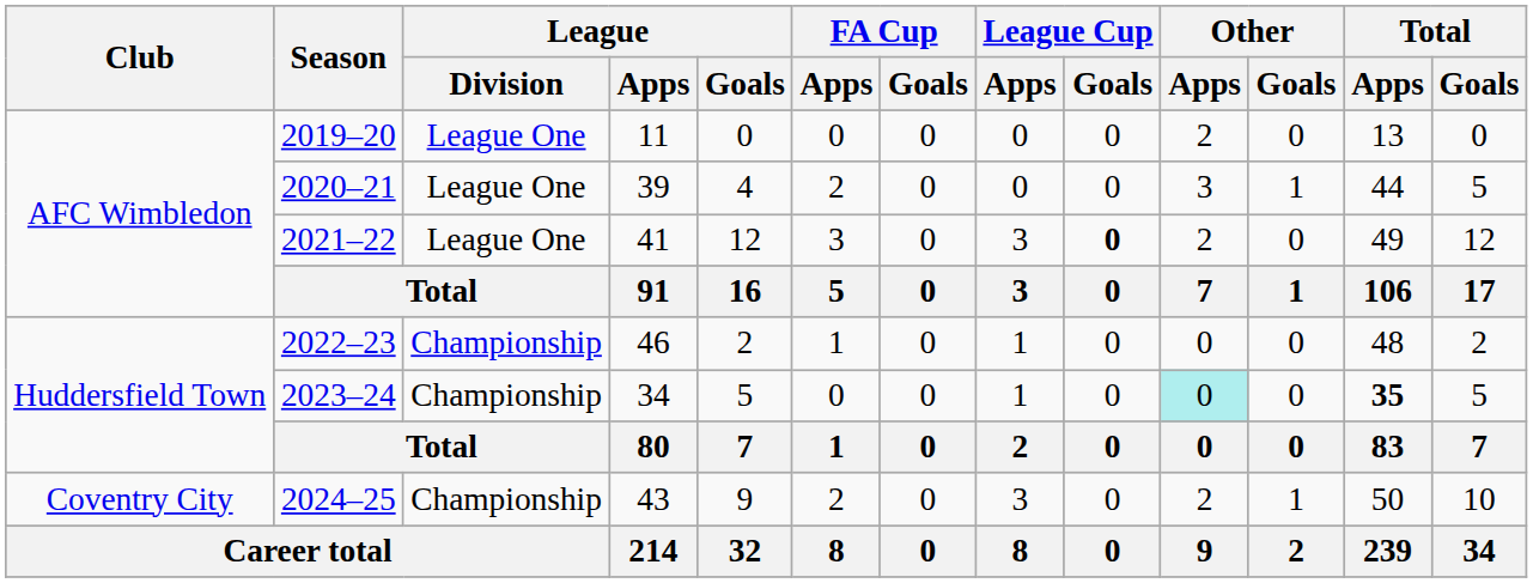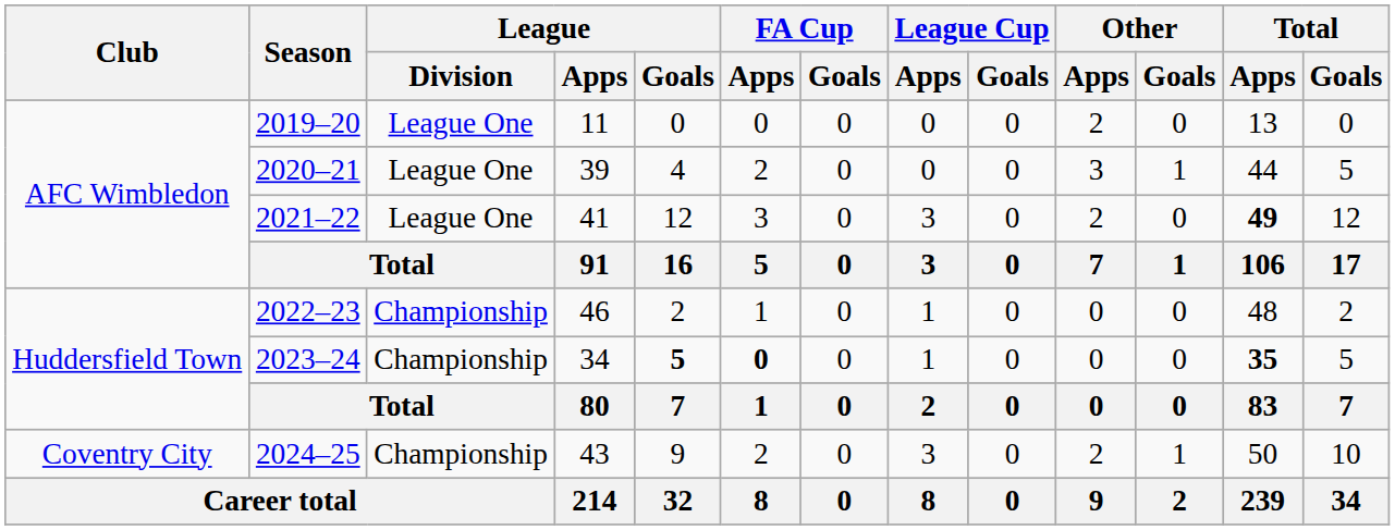 <table class="wikitable" style="text-align:center">
 <tr>
 <th rowspan="2">Club</th>
 <th rowspan="2">Season</th>
 <th colspan="3">League</th>
 <th colspan="2"><a href='#'>FA Cup</a></th>
 <th colspan="2"><a href='#'>League Cup</a></th>
 <th colspan="2">Other</th>
 <th colspan="2">Total</th>
 </tr>
 <tr>
 <th>Division</th>
 <th>Apps</th>
 <th>Goals</th>
 <th>Apps</th>
 <th>Goals</th>
 <th>Apps</th>
 <th>Goals</th>
 <th>Apps</th>
 <th>Goals</th>
 <th>Apps</th>
 <th>Goals</th>
 </tr>
 <tr>
 <td rowspan="4"><a href='#'>AFC Wimbledon</a></td>
 <td><a href='#'>2019–20</a></td>
 <td><a href='#'>League One</a></td>
 <td>11</td>
 <td>0</td>
 <td>0</td>
 <td>0</td>
 <td>0</td>
 <td>0</td>
 <td>2</td>
 <td>0</td>
 <td>13</td>
 <td>0</td>
 </tr>
 <tr>
 <td><a href='#'>2020–21</a></td>
 <td>League One</td>
 <td>39</td>
 <td>4</td>
 <td>2</td>
 <td>0</td>
 <td>0</td>
 <td>0</td>
 <td>3</td>
 <td>1</td>
 <td>44</td>
 <td>5</td>
 </tr>
 <tr>
 <td><a href='#'>2021–22</a></td>
 <td>League One</td>
 <td>41</td>
 <td>12</td>
 <td>3</td>
 <td>0</td>
 <td>3</td>
-<td><strong>0</strong></td>
+<td>0</td>
 <td>2</td>
 <td>0</td>
-<td>49</td>
+<td><strong>49</strong></td>
 <td>12</td>
 </tr>
 <tr>
 <th colspan="2">Total</th>
 <th>91</th>
 <th>16</th>
 <th>5</th>
 <th>0</th>
 <th>3</th>
 <th>0</th>
 <th>7</th>
 <th>1</th>
 <th>106</th>
 <th>17</th>
 </tr>
 <tr>
 <td rowspan="3"><a href='#'>Huddersfield Town</a></td>
 <td><a href='#'>2022–23</a></td>
 <td><a href='#'>Championship</a></td>
 <td>46</td>
 <td>2</td>
 <td>1</td>
 <td>0</td>
 <td>1</td>
 <td>0</td>
 <td>0</td>
 <td>0</td>
 <td>48</td>
 <td>2</td>
 </tr>
 <tr>
 <td><a href='#'>2023–24</a></td>
 <td>Championship</td>
 <td>34</td>
-<td>5</td>
-<td>0</td>
+<td><strong>5</strong></td>
+<td><strong>0</strong></td>
 <td>0</td>
 <td>1</td>
 <td>0</td>
-<td style="background: paleturquoise;">0</td>
+<td>0</td>
 <td>0</td>
 <td><strong>35</strong></td>
 <td>5</td>
 </tr>
 <tr>
 <th colspan="2">Total</th>
 <th>80</th>
 <th>7</th>
 <th>1</th>
 <th>0</th>
 <th>2</th>
 <th>0</th>
 <th>0</th>
 <th>0</th>
 <th>83</th>
 <th>7</th>
 </tr>
 <tr>
 <td><a href='#'>Coventry City</a></td>
 <td><a href='#'>2024–25</a></td>
 <td>Championship</td>
 <td>43</td>
 <td>9</td>
 <td>2</td>
 <td>0</td>
 <td>3</td>
 <td>0</td>
 <td>2</td>
 <td>1</td>
 <td>50</td>
 <td>10</td>
 </tr>
 <tr>
 <th colspan="3">Career total</th>
 <th>214</th>
 <th>32</th>
 <th>8</th>
 <th>0</th>
 <th>8</th>
 <th>0</th>
 <th>9</th>
 <th>2</th>
 <th>239</th>
 <th>34</th>
 </tr>
 </table>
